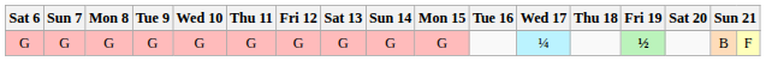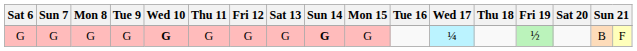 <table class="wikitable" style="margin:0.5em auto; font-size:90%; line-height:1.25em;">
 <tr align="center">
 <th>Sat 6</th>
 <th>Sun 7</th>
 <th>Mon 8</th>
 <th>Tue 9</th>
 <th>Wed 10</th>
 <th>Thu 11</th>
 <th>Fri 12</th>
 <th>Sat 13</th>
 <th>Sun 14</th>
 <th>Mon 15</th>
 <th>Tue 16</th>
 <th>Wed 17</th>
 <th>Thu 18</th>
 <th>Fri 19</th>
 <th colspan="2">Sat 20</th>
 <th colspan="2">Sun 21</th>
 </tr>
 <tr>
 </tr>
 <tr align="center">
 <td bgcolor="#FFBBBB">G</td>
 <td bgcolor="#FFBBBB">G</td>
 <td bgcolor="#FFBBBB">G</td>
 <td bgcolor="#FFBBBB">G</td>
+<td bgcolor="#FFBBBB"><strong>G</strong></td>
 <td bgcolor="#FFBBBB">G</td>
 <td bgcolor="#FFBBBB">G</td>
 <td bgcolor="#FFBBBB">G</td>
-<td bgcolor="#FFBBBB">G</td>
-<td bgcolor="#FFBBBB">G</td>
+<td bgcolor="#FFBBBB"><strong>G</strong></td>
 <td bgcolor="#FFBBBB">G</td>
 <td></td>
 <td bgcolor="#BBF3FF">¼</td>
 <td></td>
-<td bgcolor="#BBF3BB"><strong>½</strong></td>
+<td bgcolor="#BBF3BB">½</td>
 <td colspan="2"></td>
 <td bgcolor="#FEDCBA">B</td>
 <td bgcolor="#FFFFBB">F</td>
 </tr>
 </table>
